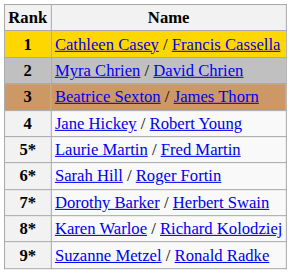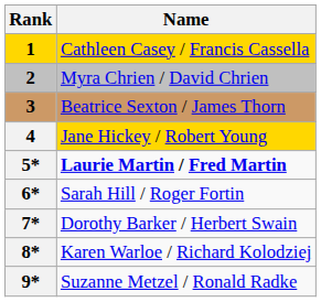 <table class="wikitable">
 <tr>
 <th>Rank</th>
 <th>Name</th>
 </tr>
 <tr bgcolor="gold">
 <td align="center"><strong>1</strong></td>
 <td><a href='#'>Cathleen Casey</a> / <a href='#'>Francis Cassella</a></td>
 </tr>
 <tr bgcolor="silver">
 <td align="center"><strong>2</strong></td>
 <td><a href='#'>Myra Chrien</a> / <a href='#'>David Chrien</a></td>
 </tr>
 <tr bgcolor="cc9966">
 <td align="center"><strong>3</strong></td>
 <td><a href='#'>Beatrice Sexton</a> / <a href='#'>James Thorn</a></td>
 </tr>
 <tr>
 <th>4</th>
-<td><a href='#'>Jane Hickey</a> / <a href='#'>Robert Young</a></td>
+<td style="background: gold;"><a href='#'>Jane Hickey</a> / <a href='#'>Robert Young</a></td>
 </tr>
 <tr>
 <th>5*</th>
-<td><a href='#'>Laurie Martin</a> / <a href='#'>Fred Martin</a></td>
+<td><strong><a href='#'>Laurie Martin</a> / <a href='#'>Fred Martin</a></strong></td>
 </tr>
 <tr>
 <th>6*</th>
 <td><a href='#'>Sarah Hill</a> / <a href='#'>Roger Fortin</a></td>
 </tr>
 <tr>
 <th>7*</th>
 <td><a href='#'>Dorothy Barker</a> / <a href='#'>Herbert Swain</a></td>
 </tr>
 <tr>
 <th>8*</th>
 <td><a href='#'>Karen Warloe</a> / <a href='#'>Richard Kolodziej</a></td>
 </tr>
 <tr>
 <th>9*</th>
 <td><a href='#'>Suzanne Metzel</a> / <a href='#'>Ronald Radke</a></td>
 </tr>
 </table>
